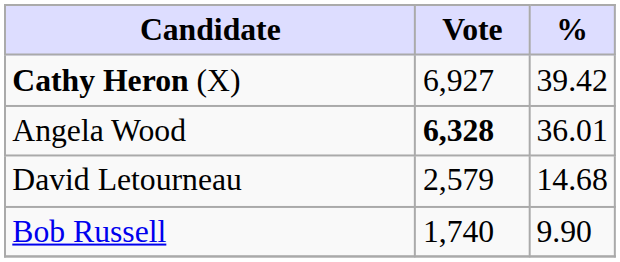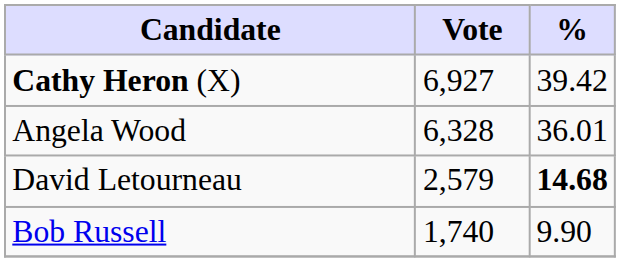 <table class="wikitable">
 <tr>
 <th style="background:#ddf; width:200px;">Candidate</th>
 <th style="background:#ddf; width:50px;">Vote</th>
 <th style="background:#ddf; width:30px;">%</th>
 </tr>
 <tr>
 <td><strong>Cathy Heron</strong> (X)</td>
 <td>6,927</td>
 <td>39.42</td>
 </tr>
 <tr>
 <td>Angela Wood</td>
-<td><strong>6,328</strong></td>
+<td>6,328</td>
 <td>36.01</td>
 </tr>
 <tr>
 <td>David Letourneau</td>
 <td>2,579</td>
-<td>14.68</td>
+<td><strong>14.68</strong></td>
 </tr>
 <tr>
 <td><a href='#'>Bob Russell</a></td>
 <td>1,740</td>
 <td>9.90</td>
 </tr>
 <tr>
 </tr>
 </table>
